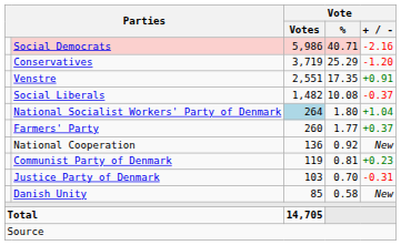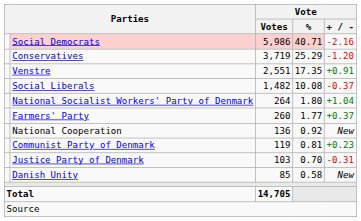 <table class="wikitable" style="text-align:right;">
 <tr>
 <th style="text-align:centre;" rowspan="2" colspan="2" width="225">Parties</th>
 <th colspan="3">Vote</th>
 </tr>
 <tr>
 <th width="15">Votes</th>
 <th width="15">%</th>
 <th width="15">+ / -</th>
 </tr>
 <tr>
 <td width="2" style="color:inherit;background:"></td>
 <td bgcolor=#fbd0ce  align="left"><a href='#'>Social Democrats</a></td>
 <td bgcolor=#fbd0ce>5,986</td>
 <td bgcolor=#fbd0ce>40.71</td>
 <td style=color:red;>-2.16</td>
 </tr>
 <tr>
 <td width="2" style="color:inherit;background:"></td>
 <td align="left"><a href='#'>Conservatives</a></td>
 <td>3,719</td>
 <td>25.29</td>
 <td style=color:red;>-1.20</td>
 </tr>
 <tr>
 <td width="2" style="color:inherit;background:"></td>
 <td align="left"><a href='#'>Venstre</a></td>
 <td>2,551</td>
 <td>17.35</td>
 <td style=color:green;>+0.91</td>
 </tr>
 <tr>
 <td width="2" style="color:inherit;background:"></td>
 <td align="left"><a href='#'>Social Liberals</a></td>
 <td>1,482</td>
 <td>10.08</td>
 <td style=color:red;>-0.37</td>
 </tr>
 <tr>
 <td width="2" style="color:inherit;background:"></td>
 <td align="left"><a href='#'>National Socialist Workers' Party of Denmark</a></td>
-<td style="background: lightblue;">264</td>
+<td>264</td>
 <td>1.80</td>
 <td style=color:green;>+1.04</td>
 </tr>
 <tr>
 <td width="2" style="color:inherit;background:"></td>
 <td align="left"><a href='#'>Farmers' Party</a></td>
 <td>260</td>
 <td>1.77</td>
 <td style=color:green;>+0.37</td>
 </tr>
 <tr>
 <td width="2" style="color:inherit;background:"></td>
 <td align="left">National Cooperation</td>
 <td>136</td>
 <td>0.92</td>
 <td><em>New</em></td>
 </tr>
 <tr>
 <td width="2" style="color:inherit;background:"></td>
 <td align="left"><a href='#'>Communist Party of Denmark</a></td>
 <td>119</td>
 <td>0.81</td>
 <td style=color:green;>+0.23</td>
 </tr>
 <tr>
 <td width="2" style="color:inherit;background:"></td>
 <td align="left"><a href='#'>Justice Party of Denmark</a></td>
 <td>103</td>
 <td>0.70</td>
 <td style=color:red;>-0.31</td>
 </tr>
 <tr>
 <td width="2" style="color:inherit;background:"></td>
 <td align="left"><a href='#'>Danish Unity</a></td>
 <td>85</td>
 <td>0.58</td>
 <td><em>New</em></td>
 </tr>
 <tr>
 <td colspan="7" bgcolor="#E9E9E9"></td>
 </tr>
 <tr>
 <td align="left" colspan="2"><strong>Total</strong></td>
 <td><strong>14,705</strong></td>
 <td bgcolor="#E9E9E9" colspan="2"></td>
 </tr>
 <tr>
 <td align="left" colspan="6">Source</td>
 </tr>
 </table>
